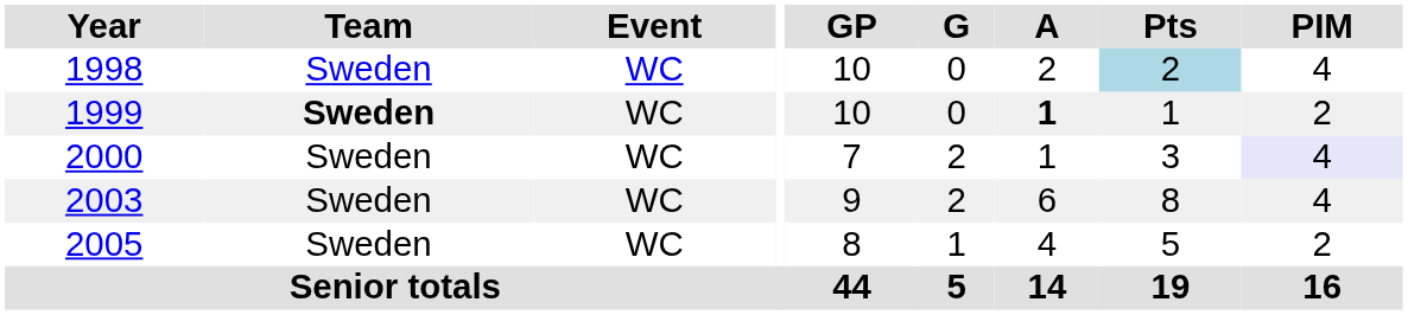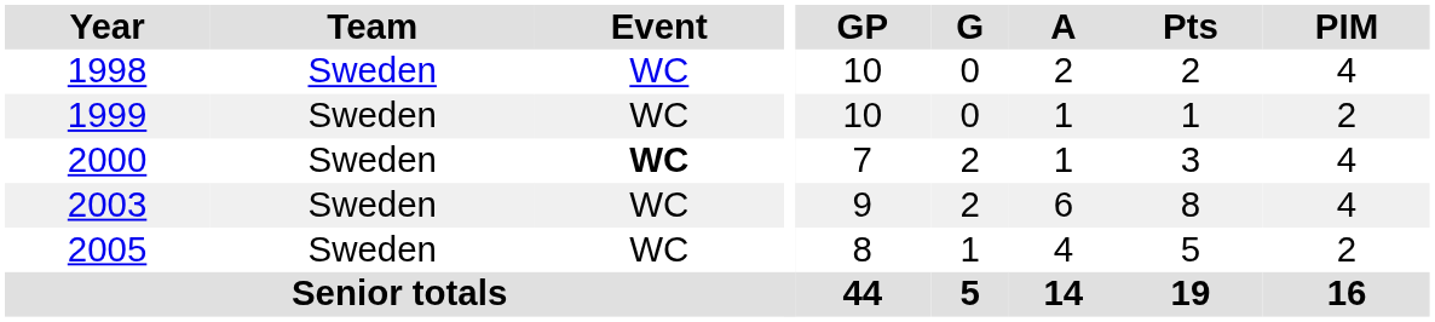 <table border="0" cellpadding="1" cellspacing="0" ID="Table3" style="text-align:center; width:40em">
 <tr bgcolor="#e0e0e0">
 <th>Year</th>
 <th>Team</th>
 <th>Event</th>
 <th rowspan="102" bgcolor="#ffffff"></th>
 <th>GP</th>
 <th>G</th>
 <th>A</th>
 <th>Pts</th>
 <th>PIM</th>
 </tr>
 <tr>
 <td><a href='#'>1998</a></td>
 <td><a href='#'>Sweden</a></td>
 <td><a href='#'>WC</a></td>
 <td>10</td>
 <td>0</td>
 <td>2</td>
-<td style="background: lightblue;">2</td>
+<td>2</td>
 <td>4</td>
 </tr>
 <tr bgcolor="#f0f0f0">
 <td><a href='#'>1999</a></td>
-<td><strong>Sweden</strong></td>
+<td>Sweden</td>
 <td>WC</td>
 <td>10</td>
 <td>0</td>
-<td><strong>1</strong></td>
+<td>1</td>
 <td>1</td>
 <td>2</td>
 </tr>
 <tr>
 <td><a href='#'>2000</a></td>
 <td>Sweden</td>
-<td>WC</td>
+<td><strong>WC</strong></td>
 <td>7</td>
 <td>2</td>
 <td>1</td>
 <td>3</td>
-<td style="background: lavender;">4</td>
+<td>4</td>
 </tr>
 <tr bgcolor="#f0f0f0">
 <td><a href='#'>2003</a></td>
 <td>Sweden</td>
 <td>WC</td>
 <td>9</td>
 <td>2</td>
 <td>6</td>
 <td>8</td>
 <td>4</td>
 </tr>
 <tr>
 <td><a href='#'>2005</a></td>
 <td>Sweden</td>
 <td>WC</td>
 <td>8</td>
 <td>1</td>
 <td>4</td>
 <td>5</td>
 <td>2</td>
 </tr>
 <tr bgcolor="#e0e0e0">
 <th colspan="4">Senior totals</th>
 <th>44</th>
 <th>5</th>
 <th>14</th>
 <th>19</th>
 <th>16</th>
 </tr>
 </table>
